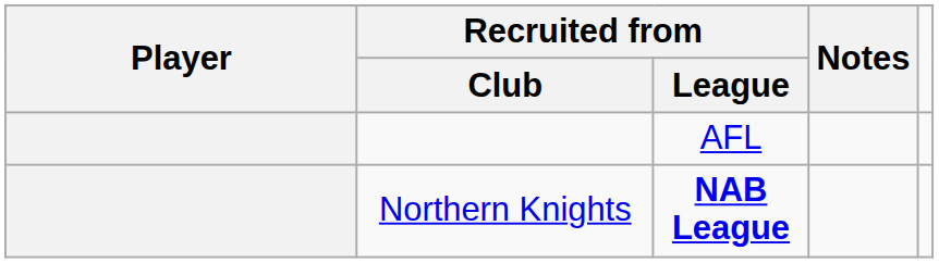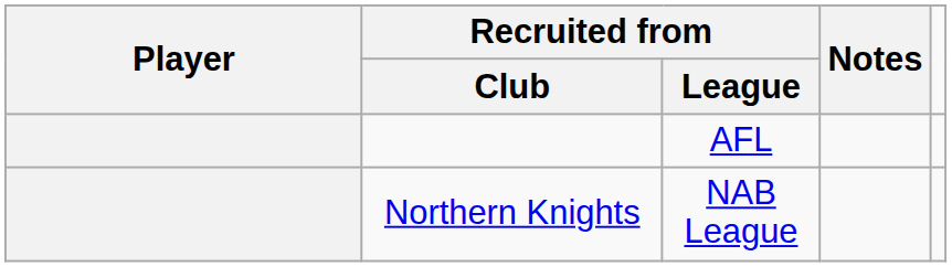 <table class="wikitable sortable plainrowheaders" style="text-align:center;">
 <tr>
 <th rowspan=2 style="width: 120pt">Player</th>
 <th colspan=2>Recruited from</th>
 <th class="unsortable" rowspan=2>Notes</th>
 </tr>
 <tr>
 <th style="width: 100pt">Club</th>
 <th style="width: 50pt">League</th>
 </tr>
 <tr>
 <th scope="row"></th>
 <td></td>
 <td><a href='#'>AFL</a></td>
 <td></td>
 <td></td>
 </tr>
 <tr>
 <th scope="row"></th>
 <td><a href='#'>Northern Knights</a></td>
-<td><strong><a href='#'>NAB League</a></strong></td>
+<td><a href='#'>NAB League</a></td>
 <td></td>
 <td></td>
 </tr>
 </table>
